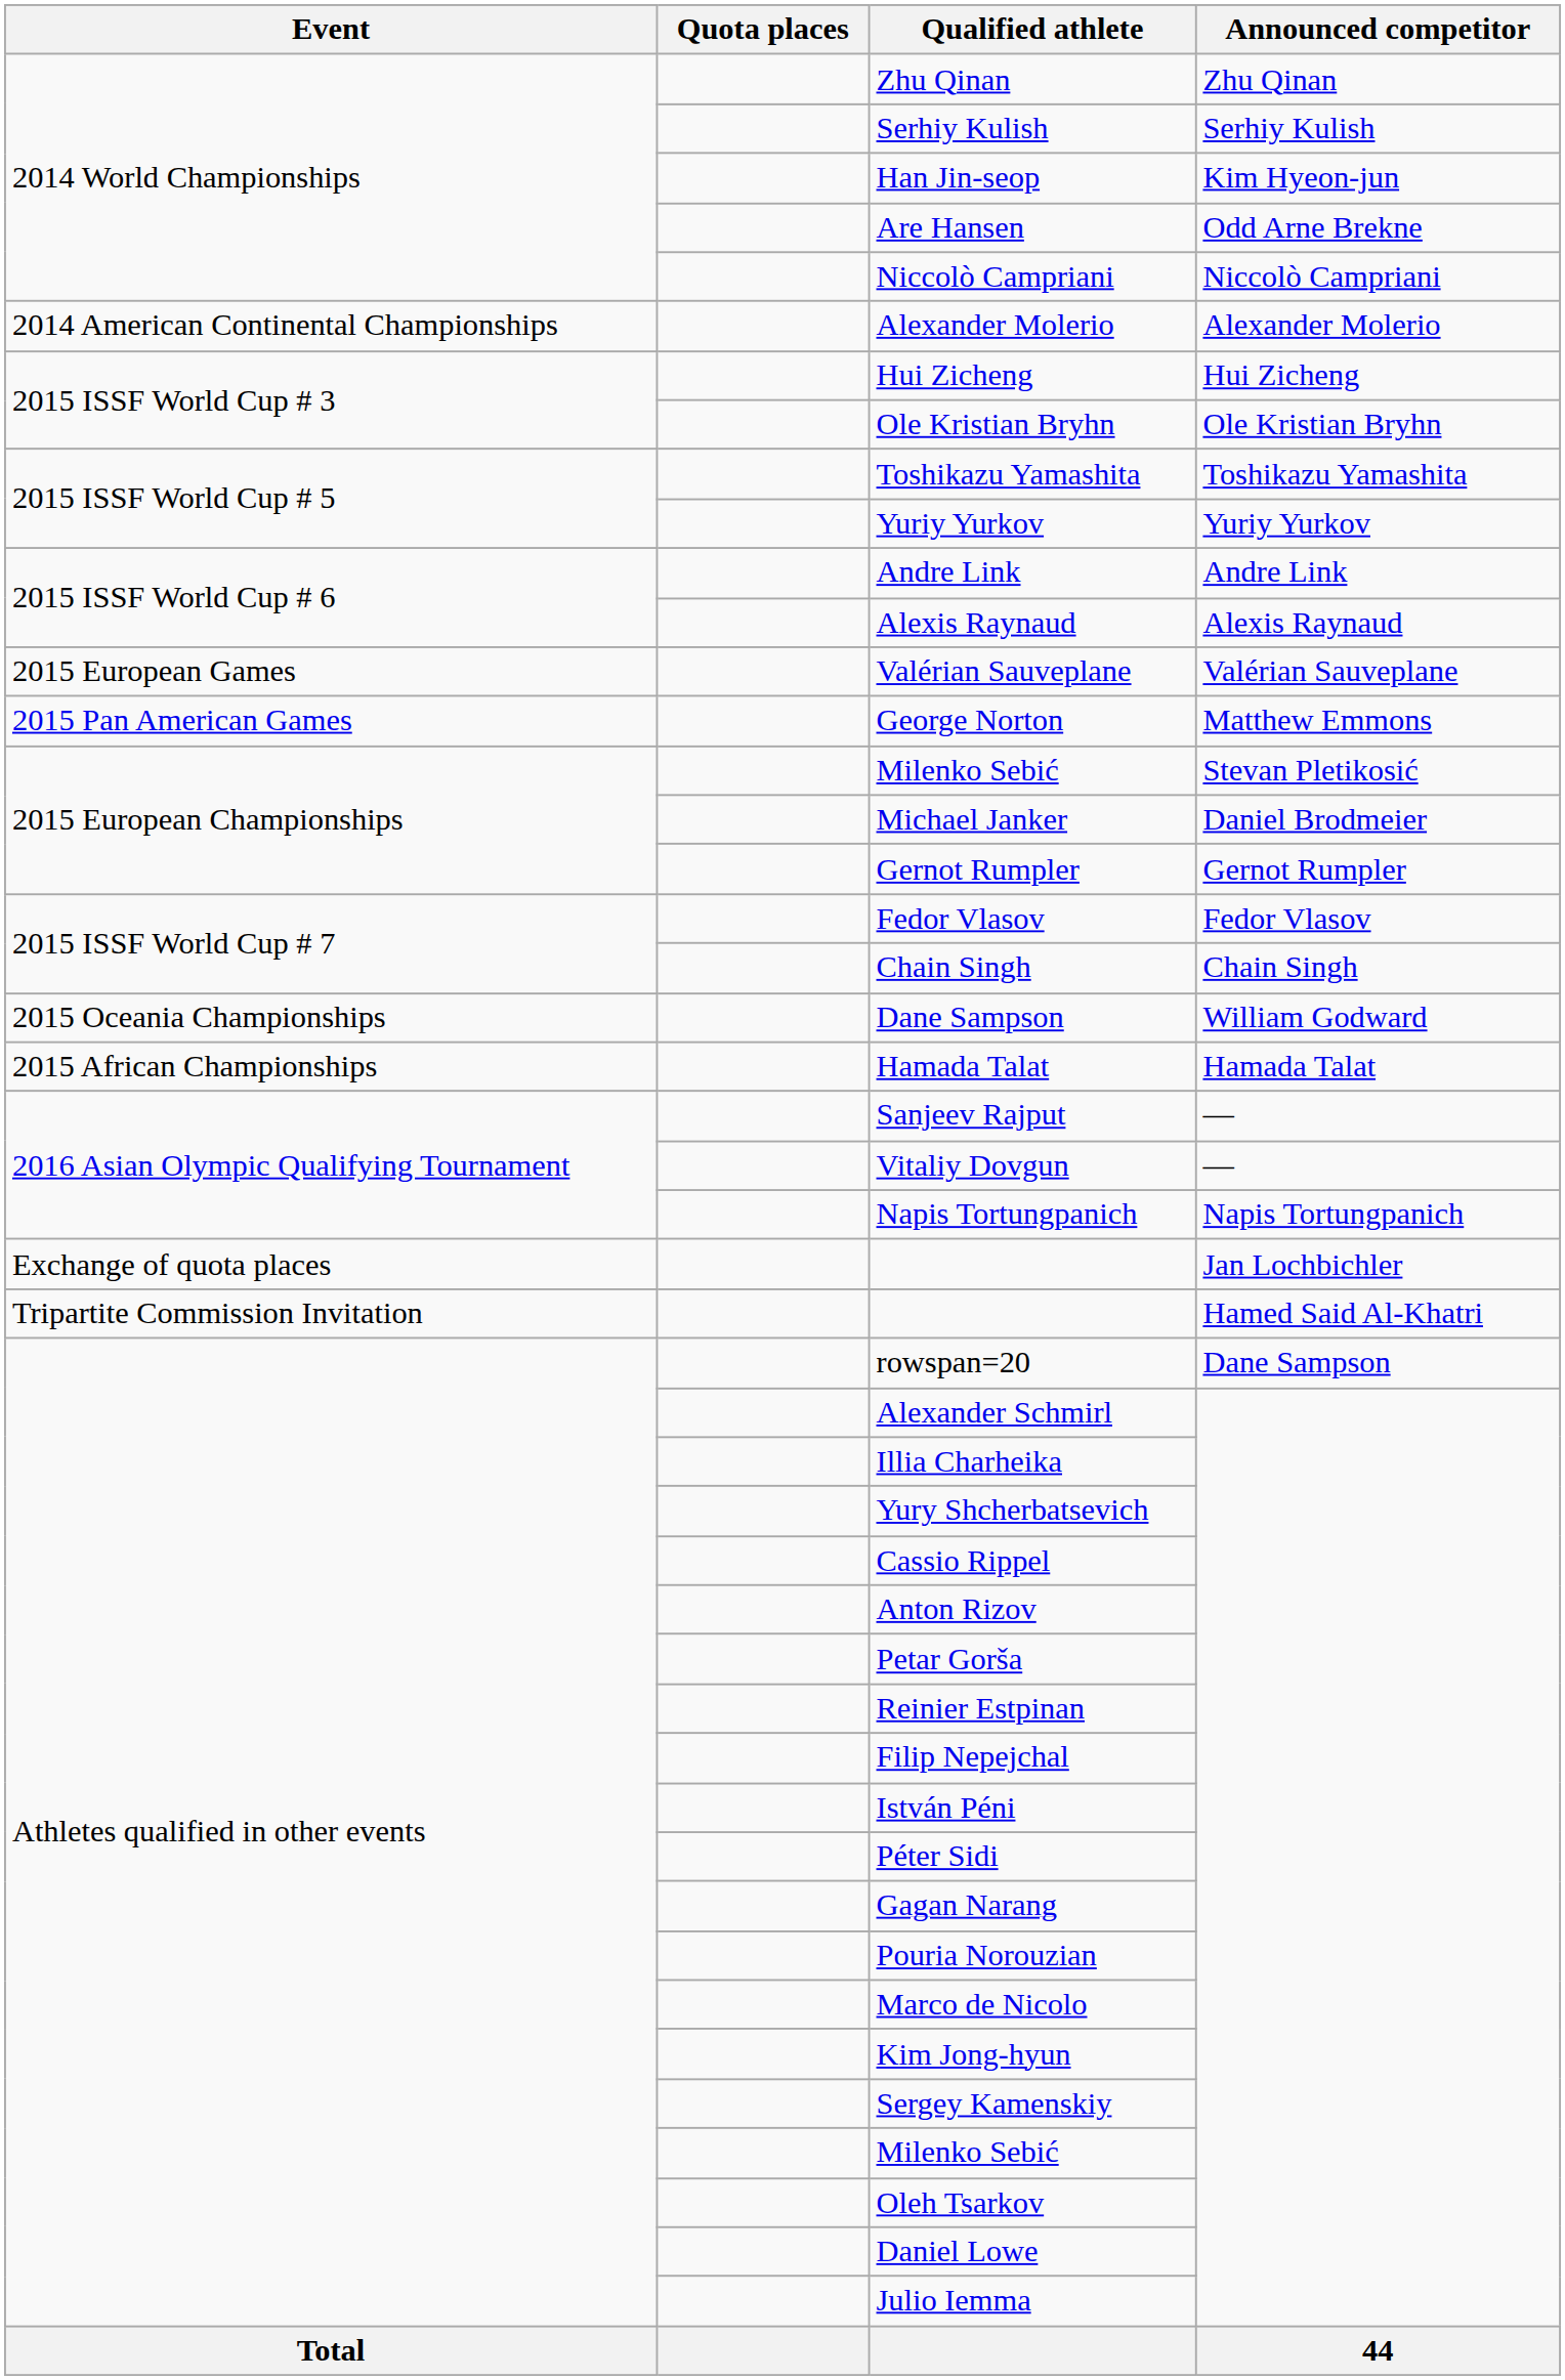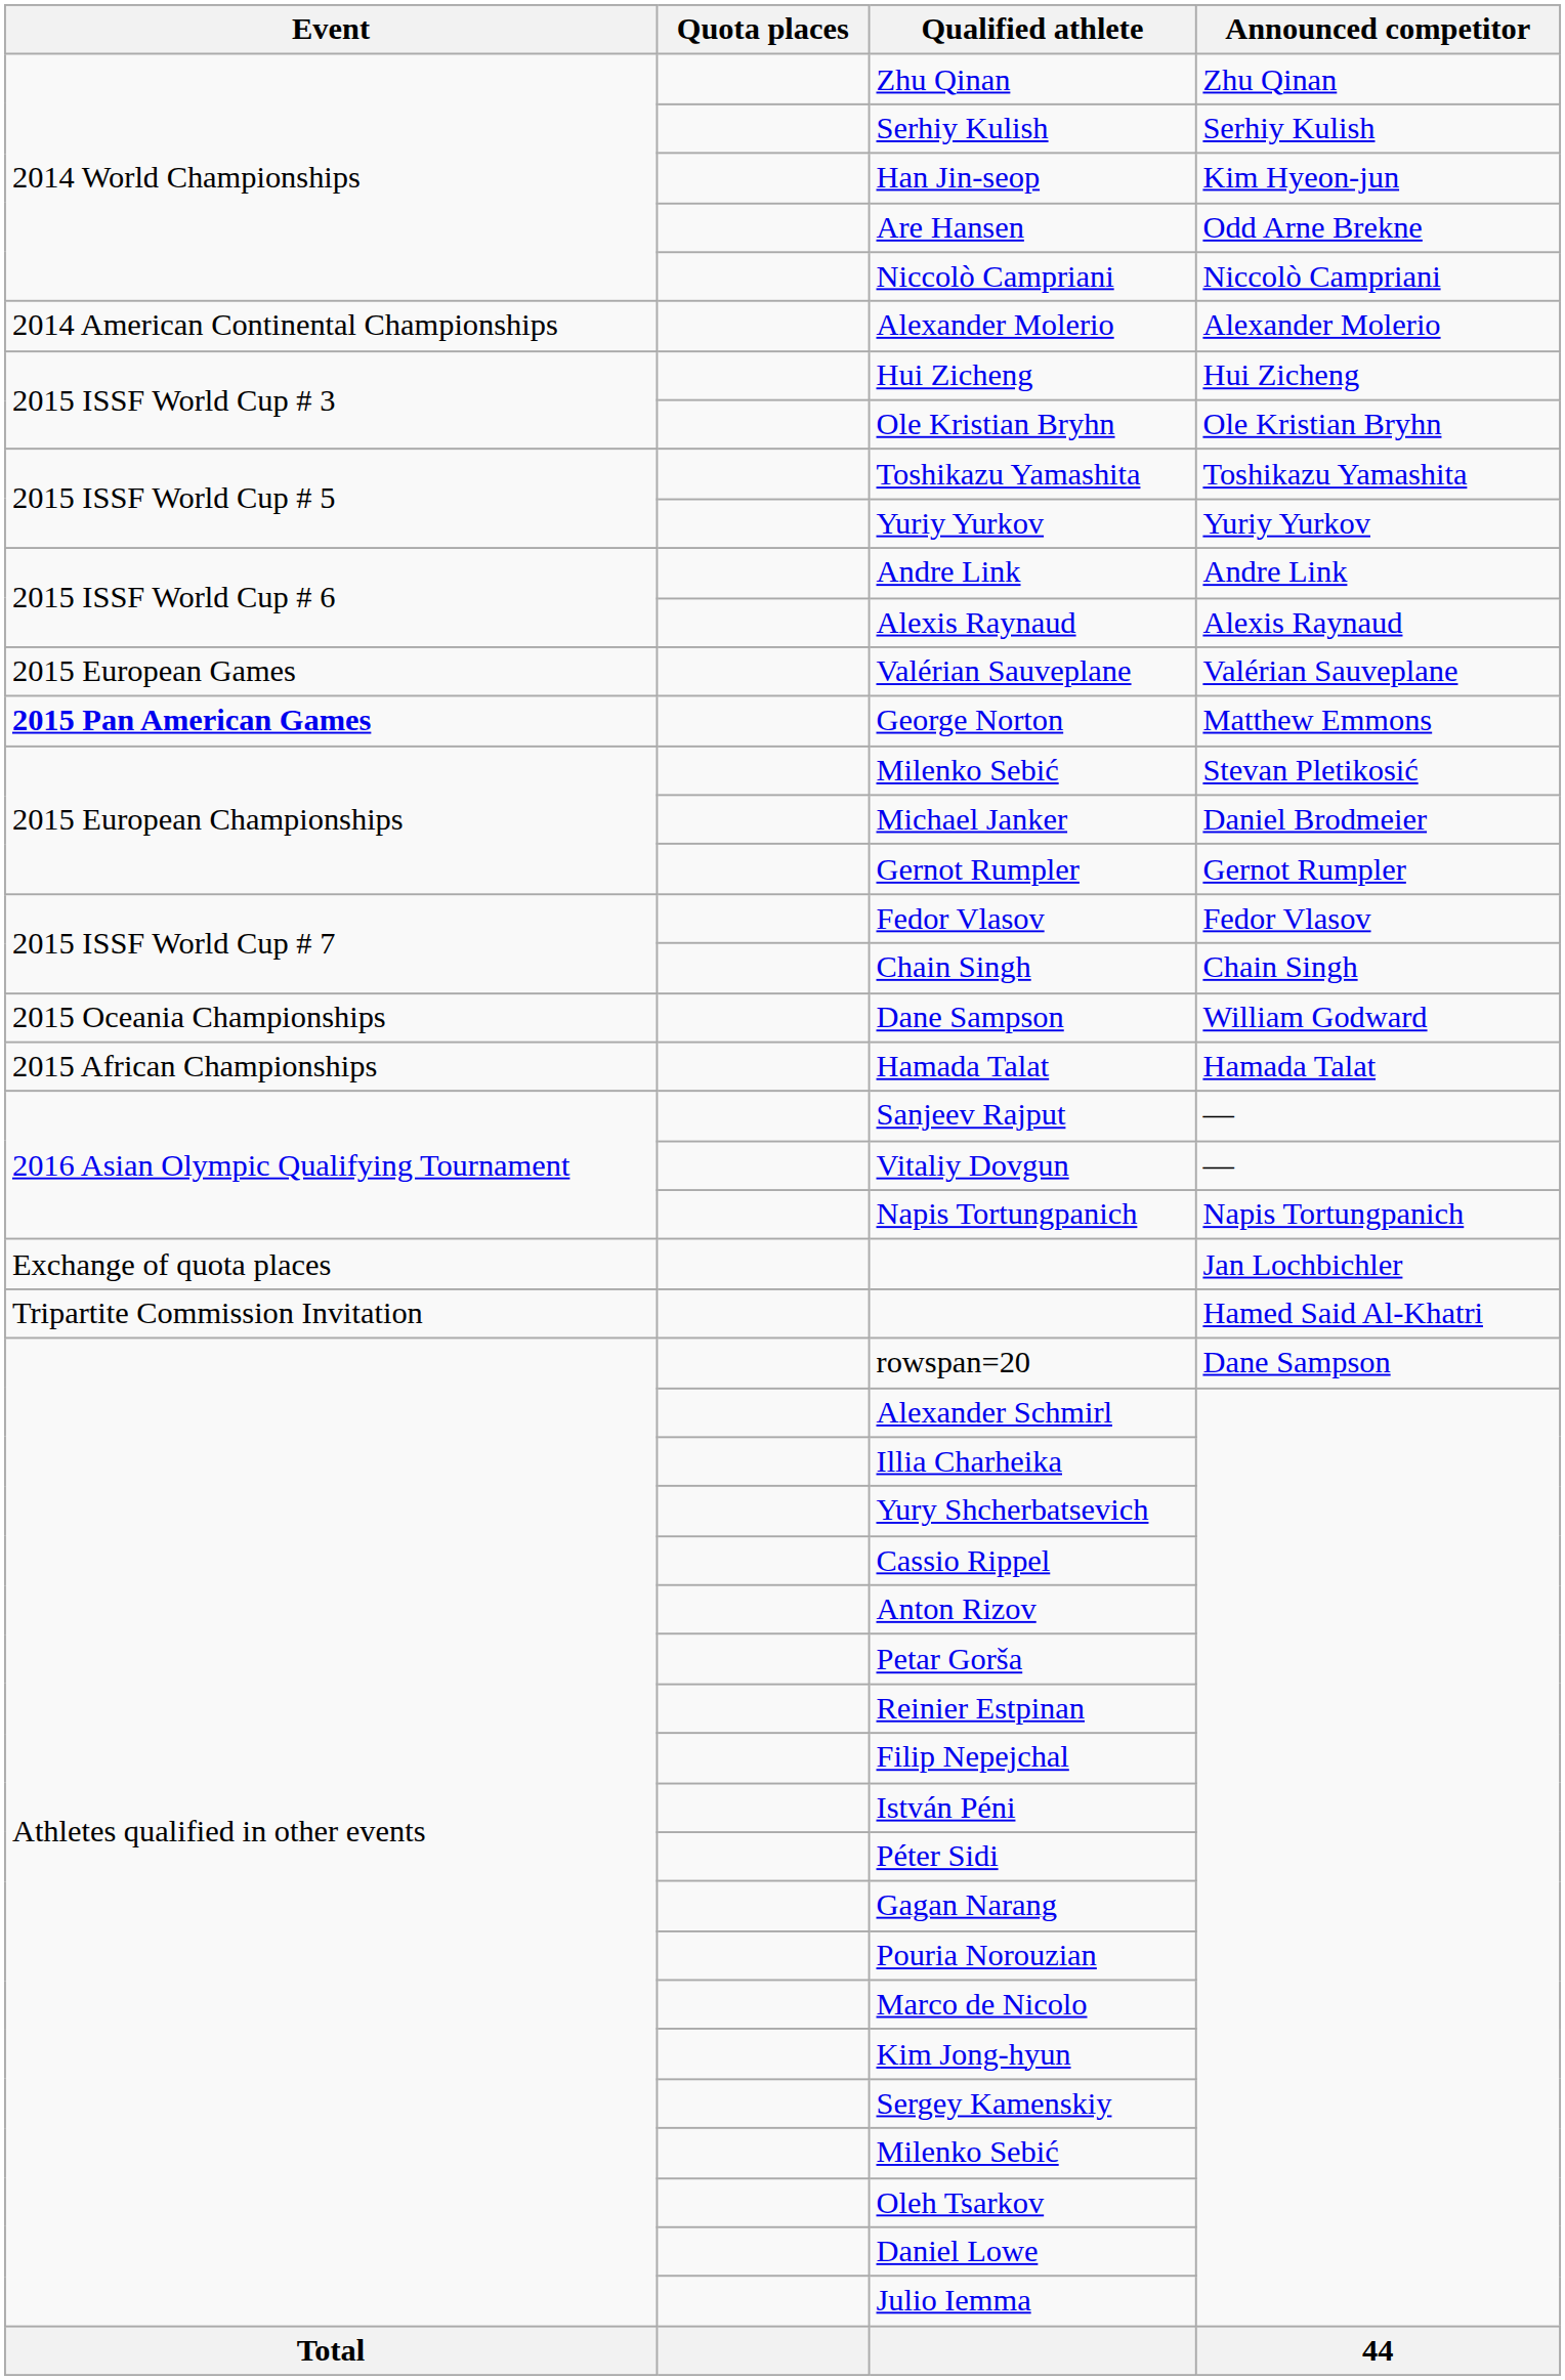 <table class=wikitable style="text-align:left" width=800>
 <tr>
 <th>Event</th>
 <th>Quota places</th>
 <th>Qualified athlete</th>
 <th>Announced competitor</th>
 </tr>
 <tr>
 <td rowspan="5">2014 World Championships</td>
 <td></td>
 <td><a href='#'>Zhu Qinan</a></td>
 <td><a href='#'>Zhu Qinan</a></td>
 </tr>
 <tr>
 <td></td>
 <td><a href='#'>Serhiy Kulish</a></td>
 <td><a href='#'>Serhiy Kulish</a></td>
 </tr>
 <tr>
 <td></td>
 <td><a href='#'>Han Jin-seop</a></td>
 <td><a href='#'>Kim Hyeon-jun</a></td>
 </tr>
 <tr>
 <td></td>
 <td><a href='#'>Are Hansen</a></td>
 <td><a href='#'>Odd Arne Brekne</a></td>
 </tr>
 <tr>
 <td></td>
 <td><a href='#'>Niccolò Campriani</a></td>
 <td><a href='#'>Niccolò Campriani</a></td>
 </tr>
 <tr>
 <td>2014 American Continental Championships</td>
 <td></td>
 <td><a href='#'>Alexander Molerio</a></td>
 <td><a href='#'>Alexander Molerio</a></td>
 </tr>
 <tr>
 <td rowspan="2">2015 ISSF World Cup # 3</td>
 <td></td>
 <td><a href='#'>Hui Zicheng</a></td>
 <td><a href='#'>Hui Zicheng</a></td>
 </tr>
 <tr>
 <td></td>
 <td><a href='#'>Ole Kristian Bryhn</a></td>
 <td><a href='#'>Ole Kristian Bryhn</a></td>
 </tr>
 <tr>
 <td rowspan="2">2015 ISSF World Cup # 5</td>
 <td></td>
 <td><a href='#'>Toshikazu Yamashita</a></td>
 <td><a href='#'>Toshikazu Yamashita</a></td>
 </tr>
 <tr>
 <td></td>
 <td><a href='#'>Yuriy Yurkov</a></td>
 <td><a href='#'>Yuriy Yurkov</a></td>
 </tr>
 <tr>
 <td rowspan="2">2015 ISSF World Cup # 6</td>
 <td></td>
 <td><a href='#'>Andre Link</a></td>
 <td><a href='#'>Andre Link</a></td>
 </tr>
 <tr>
 <td></td>
 <td><a href='#'>Alexis Raynaud</a></td>
 <td><a href='#'>Alexis Raynaud</a></td>
 </tr>
 <tr>
 <td>2015 European Games</td>
 <td></td>
 <td><a href='#'>Valérian Sauveplane</a></td>
 <td><a href='#'>Valérian Sauveplane</a></td>
 </tr>
 <tr>
-<td><a href='#'>2015 Pan American Games</a></td>
+<td><strong><a href='#'>2015 Pan American Games</a></strong></td>
 <td></td>
 <td><a href='#'>George Norton</a></td>
 <td><a href='#'>Matthew Emmons</a></td>
 </tr>
 <tr>
 <td rowspan="3">2015 European Championships</td>
 <td></td>
 <td><a href='#'>Milenko Sebić</a></td>
 <td><a href='#'>Stevan Pletikosić</a></td>
 </tr>
 <tr>
 <td></td>
 <td><a href='#'>Michael Janker</a></td>
 <td><a href='#'>Daniel Brodmeier</a></td>
 </tr>
 <tr>
 <td></td>
 <td><a href='#'>Gernot Rumpler</a></td>
 <td><a href='#'>Gernot Rumpler</a></td>
 </tr>
 <tr>
 <td rowspan="2">2015 ISSF World Cup # 7</td>
 <td></td>
 <td><a href='#'>Fedor Vlasov</a></td>
 <td><a href='#'>Fedor Vlasov</a></td>
 </tr>
 <tr>
 <td></td>
 <td><a href='#'>Chain Singh</a></td>
 <td><a href='#'>Chain Singh</a></td>
 </tr>
 <tr>
 <td rowspan="1">2015 Oceania Championships</td>
 <td></td>
 <td><a href='#'>Dane Sampson</a></td>
 <td><a href='#'>William Godward</a></td>
 </tr>
 <tr>
 <td rowspan="1">2015 African Championships</td>
 <td></td>
 <td><a href='#'>Hamada Talat</a></td>
 <td><a href='#'>Hamada Talat</a></td>
 </tr>
 <tr>
 <td rowspan="3"><a href='#'>2016 Asian Olympic Qualifying Tournament</a></td>
 <td></td>
 <td><a href='#'>Sanjeev Rajput</a></td>
 <td>—</td>
 </tr>
 <tr>
 <td></td>
 <td><a href='#'>Vitaliy Dovgun</a></td>
 <td>—</td>
 </tr>
 <tr>
 <td></td>
 <td><a href='#'>Napis Tortungpanich</a></td>
 <td><a href='#'>Napis Tortungpanich</a></td>
 </tr>
 <tr>
 <td>Exchange of quota places</td>
 <td></td>
 <td></td>
 <td><a href='#'>Jan Lochbichler</a></td>
 </tr>
 <tr>
 <td>Tripartite Commission Invitation</td>
 <td></td>
 <td></td>
 <td><a href='#'>Hamed Said Al-Khatri</a></td>
 </tr>
 <tr>
 <td rowspan=20>Athletes qualified in other events</td>
 <td></td>
 <td>rowspan=20 </td>
 <td><a href='#'>Dane Sampson</a></td>
 </tr>
 <tr>
 <td></td>
 <td><a href='#'>Alexander Schmirl</a></td>
 </tr>
 <tr>
 <td></td>
 <td><a href='#'>Illia Charheika</a></td>
 </tr>
 <tr>
 <td></td>
 <td><a href='#'>Yury Shcherbatsevich</a></td>
 </tr>
 <tr>
 <td></td>
 <td><a href='#'>Cassio Rippel</a></td>
 </tr>
 <tr>
 <td></td>
 <td><a href='#'>Anton Rizov</a></td>
 </tr>
 <tr>
 <td></td>
 <td><a href='#'>Petar Gorša</a></td>
 </tr>
 <tr>
 <td></td>
 <td><a href='#'>Reinier Estpinan</a></td>
 </tr>
 <tr>
 <td></td>
 <td><a href='#'>Filip Nepejchal</a></td>
 </tr>
 <tr>
 <td></td>
 <td><a href='#'>István Péni</a></td>
 </tr>
 <tr>
 <td></td>
 <td><a href='#'>Péter Sidi</a></td>
 </tr>
 <tr>
 <td></td>
 <td><a href='#'>Gagan Narang</a></td>
 </tr>
 <tr>
 <td></td>
 <td><a href='#'>Pouria Norouzian</a></td>
 </tr>
 <tr>
 <td></td>
 <td><a href='#'>Marco de Nicolo</a></td>
 </tr>
 <tr>
 <td></td>
 <td><a href='#'>Kim Jong-hyun</a></td>
 </tr>
 <tr>
 <td></td>
 <td><a href='#'>Sergey Kamenskiy</a></td>
 </tr>
 <tr>
 <td></td>
 <td><a href='#'>Milenko Sebić</a></td>
 </tr>
 <tr>
 <td></td>
 <td><a href='#'>Oleh Tsarkov</a></td>
 </tr>
 <tr>
 <td></td>
 <td><a href='#'>Daniel Lowe</a></td>
 </tr>
 <tr>
 <td></td>
 <td><a href='#'>Julio Iemma</a></td>
 </tr>
 <tr>
 <th>Total</th>
 <th></th>
 <th></th>
 <th>44</th>
 </tr>
 </table>
